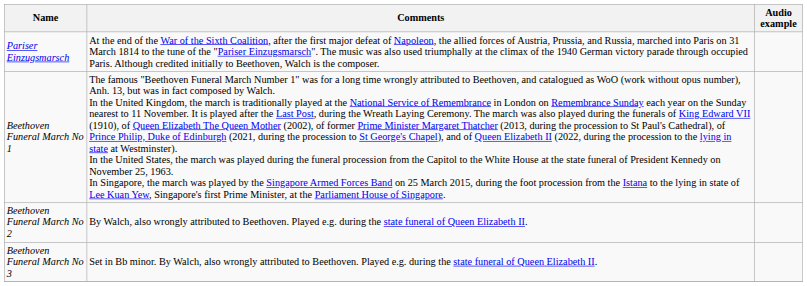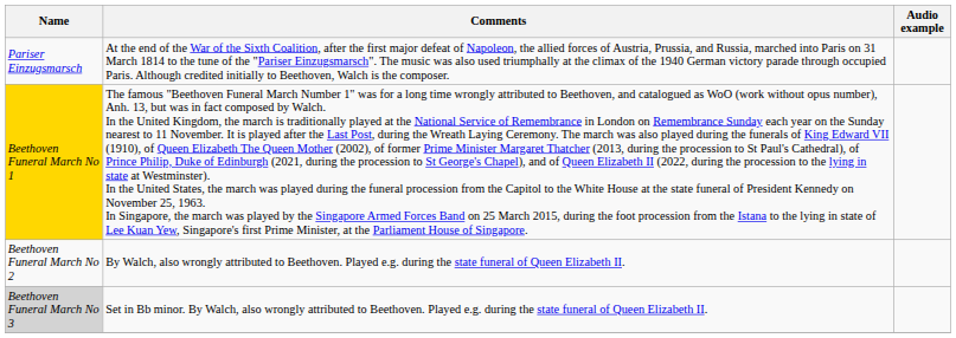 <table class="wikitable sortable toptextcells">
 <tr>
 <th>Name</th>
 <th>Comments</th>
 <th>Audio example</th>
 </tr>
 <tr>
 <td><em><a href='#'>Pariser Einzugsmarsch</a></em></td>
 <td>At the end of the <a href='#'>War of the Sixth Coalition</a>, after the first major defeat of <a href='#'>Napoleon</a>, the allied forces of Austria, Prussia, and Russia, marched into Paris on 31 March 1814 to the tune of the "<a href='#'>Pariser Einzugsmarsch</a>". The music was also used triumphally at the climax of the 1940 German victory parade through occupied Paris. Although credited initially to Beethoven, Walch is the composer.</td>
 <td></td>
 </tr>
 <tr>
-<td><em>Beethoven Funeral March No 1</em></td>
+<td style="background: gold;"><em>Beethoven Funeral March No 1</em></td>
 <td>The famous "Beethoven Funeral March Number 1" was for a long time wrongly attributed to Beethoven, and catalogued as WoO (work without opus number), Anh. 13, but was in fact composed by Walch.<br>In the United Kingdom, the march is traditionally played at the <a href='#'>National Service of Remembrance</a> in London on <a href='#'>Remembrance Sunday</a> each year on the Sunday nearest to 11 November. It is played after the  <a href='#'>Last Post</a>, during the Wreath Laying Ceremony. The march was also played during the funerals of <a href='#'>King Edward VII</a> (1910), of <a href='#'>Queen Elizabeth The Queen Mother</a> (2002), of former <a href='#'>Prime Minister Margaret Thatcher</a> (2013, during the procession to St Paul's Cathedral), of <a href='#'>Prince Philip, Duke of Edinburgh</a> (2021, during the procession to <a href='#'>St George's Chapel</a>), and of <a href='#'>Queen Elizabeth II</a> (2022, during the procession to the <a href='#'>lying in state</a> at Westminster).<br>In the United States, the march was played during the funeral procession from the Capitol to the White House at the state funeral of President Kennedy on November 25, 1963.<br>In Singapore, the march was played by the <a href='#'>Singapore Armed Forces Band</a> on 25 March 2015, during the foot procession from the <a href='#'>Istana</a> to the lying in state of <a href='#'>Lee Kuan Yew</a>, Singapore's first Prime Minister, at the <a href='#'>Parliament House of Singapore</a>.</td>
 <td></td>
 </tr>
 <tr>
 <td><em>Beethoven Funeral March No 2</em></td>
 <td>By Walch, also wrongly attributed to Beethoven. Played e.g. during the <a href='#'>state funeral of Queen Elizabeth II</a>.</td>
 <td></td>
 </tr>
 <tr>
-<td><em>Beethoven Funeral March No 3</em></td>
+<td style="background: lightgrey;"><em>Beethoven Funeral March No 3</em></td>
 <td>Set in Bb minor. By Walch, also wrongly attributed to Beethoven. Played e.g. during the <a href='#'>state funeral of Queen Elizabeth II</a>.</td>
 <td></td>
 </tr>
 <tr>
 </tr>
 </table>
